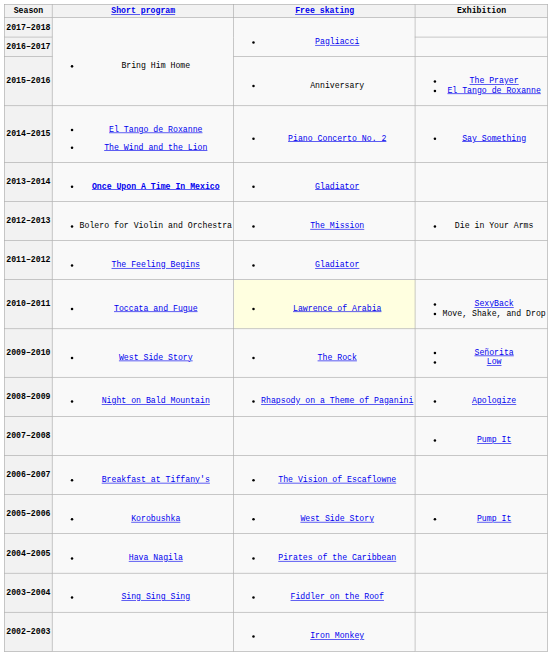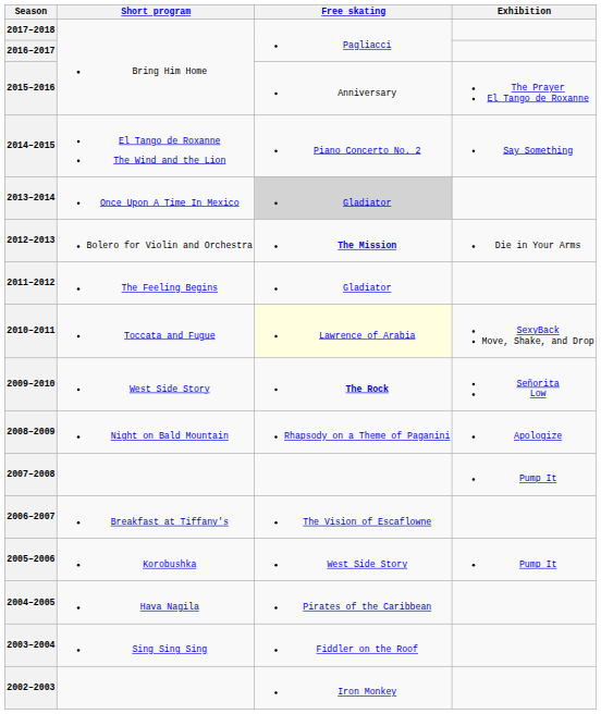 <table class="wikitable" style="text-align:center">
 <tr>
 <th>Season</th>
 <th><a href='#'>Short program</a></th>
 <th><a href='#'>Free skating</a></th>
 <th>Exhibition</th>
 </tr>
 <tr>
 <th>2017–2018 <br></th>
 <td rowspan=3><br><ul><li>Bring Him Home <br></li></ul></td>
 <td rowspan=2><br><ul><li><a href='#'>Pagliacci</a> <br></li></ul></td>
 <td></td>
 </tr>
 <tr>
 <th>2016–2017 <br></th>
 </tr>
 <tr>
 <th>2015–2016 <br></th>
 <td><br><ul><li>Anniversary <br></li></ul></td>
 <td><br><ul><li><a href='#'>The Prayer</a> <br></li><li><a href='#'>El Tango de Roxanne</a><br></li></ul></td>
 </tr>
 <tr>
 <th>2014–2015 <br> </th>
 <td><br><ul><li><a href='#'>El Tango de Roxanne</a> <br></li></ul><ul><li><a href='#'>The Wind and the Lion</a> <br></li></ul></td>
 <td><br><ul><li><a href='#'>Piano Concerto No. 2</a> <br></li></ul></td>
 <td><br><ul><li><a href='#'>Say Something</a> <br></li></ul></td>
 </tr>
 <tr>
 <th>2013–2014 <br> </th>
-<td><strong><br><ul><li><a href='#'>Once Upon A Time In Mexico</a> <br></li></ul></strong></td>
-<td><br><ul><li><a href='#'>Gladiator</a> <br></li></ul></td>
+<td><br><ul><li><a href='#'>Once Upon A Time In Mexico</a> <br></li></ul></td>
+<td style="background: lightgrey;"><br><ul><li><a href='#'>Gladiator</a> <br></li></ul></td>
 <td></td>
 </tr>
 <tr>
 <th>2012–2013 <br> </th>
 <td><br><ul><li>Bolero for Violin and Orchestra <br></li></ul></td>
-<td><br><ul><li><a href='#'>The Mission</a> <br></li></ul></td>
+<td><strong><br><ul><li><a href='#'>The Mission</a> <br></li></ul></strong></td>
 <td><br><ul><li>Die in Your Arms</li></ul></td>
 </tr>
 <tr>
 <th>2011–2012 <br> </th>
 <td><br><ul><li><a href='#'>The Feeling Begins</a> <br></li></ul></td>
 <td><br><ul><li><a href='#'>Gladiator</a> <br></li></ul></td>
 <td></td>
 </tr>
 <tr>
 <th>2010–2011 <br> </th>
 <td><br><ul><li><a href='#'>Toccata and Fugue</a> <br></li></ul></td>
 <td style="background: lightyellow;"><br><ul><li><a href='#'>Lawrence of Arabia</a> <br></li></ul></td>
 <td><br><ul><li><a href='#'>SexyBack</a> <br></li><li>Move, Shake, and Drop <br></li></ul></td>
 </tr>
 <tr>
 <th>2009–2010 <br> </th>
 <td><br><ul><li><a href='#'>West Side Story</a> <br></li></ul></td>
-<td><br><ul><li><a href='#'>The Rock</a> <br></li></ul></td>
+<td><strong><br><ul><li><a href='#'>The Rock</a> <br></li></ul></strong></td>
 <td><br><ul><li><a href='#'>Señorita</a> <br></li><li><a href='#'>Low</a> <br></li></ul></td>
 </tr>
 <tr>
 <th>2008–2009 <br> </th>
 <td><br><ul><li><a href='#'>Night on Bald Mountain</a> <br></li></ul></td>
 <td><br><ul><li><a href='#'>Rhapsody on a Theme of Paganini</a> <br></li></ul></td>
 <td><br><ul><li><a href='#'>Apologize</a> <br></li></ul></td>
 </tr>
 <tr>
 <th>2007–2008</th>
 <td></td>
 <td></td>
 <td><br><ul><li><a href='#'>Pump It</a> <br></li></ul></td>
 </tr>
 <tr>
 <th>2006–2007 <br> </th>
 <td><br><ul><li><a href='#'>Breakfast at Tiffany's</a> <br></li></ul></td>
 <td><br><ul><li><a href='#'>The Vision of Escaflowne</a> <br></li></ul></td>
 <td></td>
 </tr>
 <tr>
 <th>2005–2006 <br></th>
 <td><br><ul><li><a href='#'>Korobushka</a> <br></li></ul></td>
 <td><br><ul><li><a href='#'>West Side Story</a> <br></li></ul></td>
 <td><br><ul><li><a href='#'>Pump It</a> <br></li></ul></td>
 </tr>
 <tr>
 <th>2004–2005</th>
 <td><br><ul><li><a href='#'>Hava Nagila</a> <br></li></ul></td>
 <td><br><ul><li><a href='#'>Pirates of the Caribbean</a> <br></li></ul></td>
 <td></td>
 </tr>
 <tr>
 <th>2003–2004</th>
 <td><br><ul><li><a href='#'>Sing Sing Sing</a> <br></li></ul></td>
 <td><br><ul><li><a href='#'>Fiddler on the Roof</a> <br></li></ul></td>
 <td></td>
 </tr>
 <tr>
 <th>2002–2003</th>
 <td></td>
 <td><br><ul><li><a href='#'>Iron Monkey</a> <br></li></ul></td>
 <td></td>
 </tr>
 </table>
